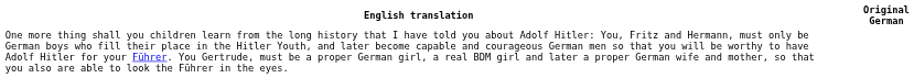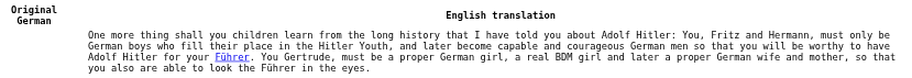 <table style="margin:1em 1em 1.5em 1em">
 <tr>
+<th scope="col">Original German</th>
+<td style="width:2em"></td>
 <th scope="col">English translation</th>
-<td style="width:2em"></td>
-<th scope="col">Original German</th>
 </tr>
 <tr>
-<td>One more thing shall you children learn from the long history that I have told you about Adolf Hitler: You, Fritz and Hermann, must only be German boys who fill their place in the Hitler Youth, and later become capable and courageous German men so that you will be worthy to have Adolf Hitler for your <a href='#'>Führer</a>. You Gertrude, must be a proper German girl, a real BDM girl and later a proper German wife and mother, so that you also are able to look the Führer in the eyes.</td>
 <td></td>
 <td></td>
+<td>One more thing shall you children learn from the long history that I have told you about Adolf Hitler: You, Fritz and Hermann, must only be German boys who fill their place in the Hitler Youth, and later become capable and courageous German men so that you will be worthy to have Adolf Hitler for your <a href='#'>Führer</a>. You Gertrude, must be a proper German girl, a real BDM girl and later a proper German wife and mother, so that you also are able to look the Führer in the eyes.</td>
 </tr>
 </table>
